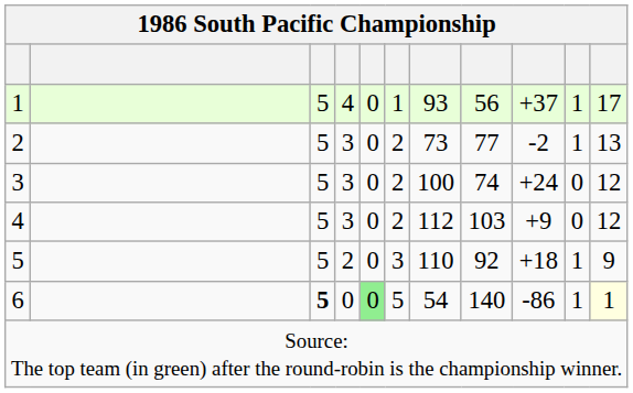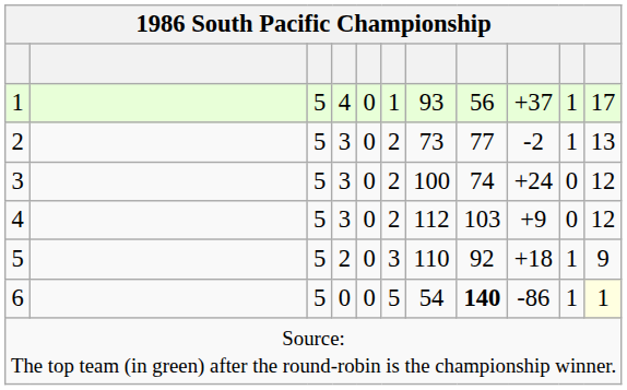 <table class="wikitable" style="text-align:center;">
 <tr>
 <th colspan="100%">1986 South Pacific Championship</th>
 </tr>
 <tr>
 <th style="padding-right:1px;"></th>
 <th style="width:10.8em;"></th>
 <th></th>
 <th></th>
 <th></th>
 <th></th>
 <th></th>
 <th></th>
 <th></th>
 <th></th>
 <th><br></th>
 </tr>
 <tr style="background:#e8ffd8;">
 <td>1</td>
 <td style=text-align:left></td>
 <td>5</td>
 <td>4</td>
 <td>0</td>
 <td>1</td>
 <td>93</td>
 <td>56</td>
 <td>+37</td>
 <td>1</td>
 <td>17</td>
 </tr>
 <tr>
 <td>2</td>
 <td style=text-align:left></td>
 <td>5</td>
 <td>3</td>
 <td>0</td>
 <td>2</td>
 <td>73</td>
 <td>77</td>
 <td>-2</td>
 <td>1</td>
 <td>13</td>
 </tr>
 <tr>
 <td>3</td>
 <td style=text-align:left></td>
 <td>5</td>
 <td>3</td>
 <td>0</td>
 <td>2</td>
 <td>100</td>
 <td>74</td>
 <td>+24</td>
 <td>0</td>
 <td>12</td>
 </tr>
 <tr>
 <td>4</td>
 <td style=text-align:left></td>
 <td>5</td>
 <td>3</td>
 <td>0</td>
 <td>2</td>
 <td>112</td>
 <td>103</td>
 <td>+9</td>
 <td>0</td>
 <td>12</td>
 </tr>
 <tr>
 <td>5</td>
 <td style=text-align:left></td>
 <td>5</td>
 <td>2</td>
 <td>0</td>
 <td>3</td>
 <td>110</td>
 <td>92</td>
 <td>+18</td>
 <td>1</td>
 <td>9</td>
 </tr>
 <tr>
 <td>6</td>
 <td style=text-align:left></td>
-<td><strong>5</strong></td>
+<td>5</td>
 <td>0</td>
-<td style="background: lightgreen;">0</td>
+<td>0</td>
 <td>5</td>
 <td>54</td>
-<td>140</td>
+<td><strong>140</strong></td>
 <td>-86</td>
 <td>1</td>
 <td style="background: lightyellow;">1</td>
 </tr>
 <tr>
 <td colspan="100%" style="border:0;"><small>Source: <br>The top team <span>(in green)</span> after the round-robin is the championship winner.</small></td>
 </tr>
 </table>
